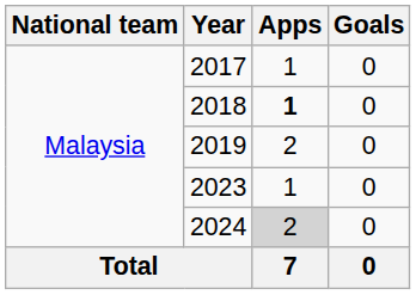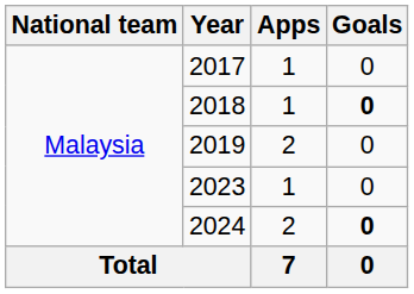 <table class=wikitable style="text-align: center;">
 <tr>
 <th>National team</th>
 <th>Year</th>
 <th>Apps</th>
 <th>Goals</th>
 </tr>
 <tr>
 <td rowspan="5"><a href='#'>Malaysia</a></td>
 <td>2017</td>
 <td>1</td>
 <td>0</td>
 </tr>
 <tr>
 <td>2018</td>
-<td><strong>1</strong></td>
-<td>0</td>
+<td>1</td>
+<td><strong>0</strong></td>
 </tr>
 <tr>
 <td>2019</td>
 <td>2</td>
 <td>0</td>
 </tr>
 <tr>
 <td>2023</td>
 <td>1</td>
 <td>0</td>
 </tr>
 <tr>
 <td>2024</td>
-<td style="background: lightgrey;">2</td>
-<td>0</td>
+<td>2</td>
+<td><strong>0</strong></td>
 </tr>
 <tr>
 <th colspan="2">Total</th>
 <th>7</th>
 <th>0</th>
 </tr>
 </table>
